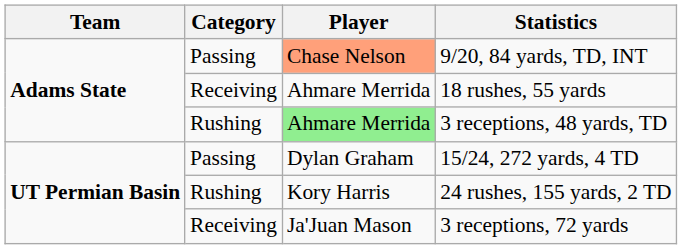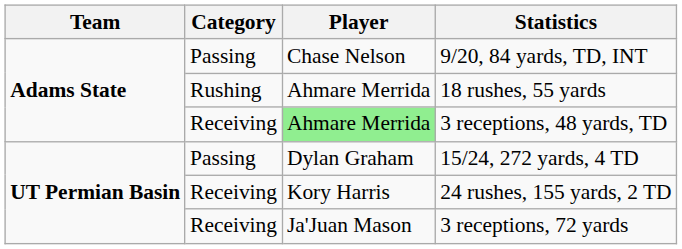 <table class="wikitable" style="float: right;">
 <tr>
 <th>Team</th>
 <th>Category</th>
 <th>Player</th>
 <th>Statistics</th>
 </tr>
 <tr>
 <td rowspan=3><strong>Adams State</strong></td>
 <td>Passing</td>
-<td style="background: lightsalmon;">Chase Nelson</td>
+<td>Chase Nelson</td>
 <td>9/20, 84 yards, TD, INT</td>
 </tr>
 <tr>
-<td>Receiving</td>
+<td>Rushing</td>
 <td>Ahmare Merrida</td>
 <td>18 rushes, 55 yards</td>
 </tr>
 <tr>
-<td>Rushing</td>
+<td>Receiving</td>
 <td style="background: lightgreen;">Ahmare Merrida</td>
 <td>3 receptions, 48 yards, TD</td>
 </tr>
 <tr>
 <td rowspan=3><strong>UT Permian Basin</strong></td>
 <td>Passing</td>
 <td>Dylan Graham</td>
 <td>15/24, 272 yards, 4 TD</td>
 </tr>
 <tr>
-<td>Rushing</td>
+<td>Receiving</td>
 <td>Kory Harris</td>
 <td>24 rushes, 155 yards, 2 TD</td>
 </tr>
 <tr>
 <td>Receiving</td>
 <td>Ja'Juan Mason</td>
 <td>3 receptions, 72 yards</td>
 </tr>
 </table>
